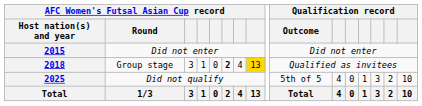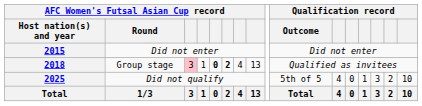 <table class="wikitable" style="font-size:90%; text-align:center;">
 <tr>
 <th colspan="8"><a href='#'>AFC Women's Futsal Asian Cup</a> record</th>
 <th rowspan="6" style="width:1%;background:white"></th>
 <th colspan="7">Qualification record</th>
 </tr>
 <tr>
 <th scope="col">Host nation(s)<br>and year</th>
 <th scope="col">Round</th>
 <th scope="col"></th>
 <th scope="col"></th>
 <th scope="col"></th>
 <th scope="col"></th>
 <th scope="col"></th>
 <th scope="col"></th>
 <th scope="col">Outcome</th>
 <th scope="col"></th>
 <th scope="col"></th>
 <th scope="col"></th>
 <th scope="col"></th>
 <th scope="col"></th>
 <th scope="col"></th>
 </tr>
 <tr>
 <th scope="row"> <a href='#'>2015</a></th>
 <td colspan="7"><em>Did not enter</em></td>
 <td colspan="7"><em>Did not enter</em></td>
 </tr>
 <tr>
 <th scope="row"> <a href='#'>2018</a></th>
 <td>Group stage</td>
-<td>3</td>
+<td style="background: pink;">3</td>
 <td>1</td>
-<td>0</td>
+<td><strong>0</strong></td>
 <td><strong>2</strong></td>
 <td>4</td>
-<td style="background: gold;">13</td>
+<td>13</td>
 <td colspan="7"><em>Qualified as invitees</em></td>
 </tr>
 <tr>
 <th scope="row"> <a href='#'>2025</a></th>
 <td colspan="7"><em>Did not qualify</em></td>
 <td>5th of 5</td>
 <td>4</td>
 <td>0</td>
 <td>1</td>
 <td>3</td>
 <td>2</td>
 <td>10</td>
 </tr>
 <tr>
 <th>Total</th>
 <th>1/3</th>
 <th>3</th>
 <th>1</th>
 <th>0</th>
 <th>2</th>
 <th>4</th>
 <th>13</th>
 <th>Total</th>
 <th>4</th>
 <th>0</th>
 <th>1</th>
 <th>3</th>
 <th>2</th>
 <th>10</th>
 </tr>
 </table>
